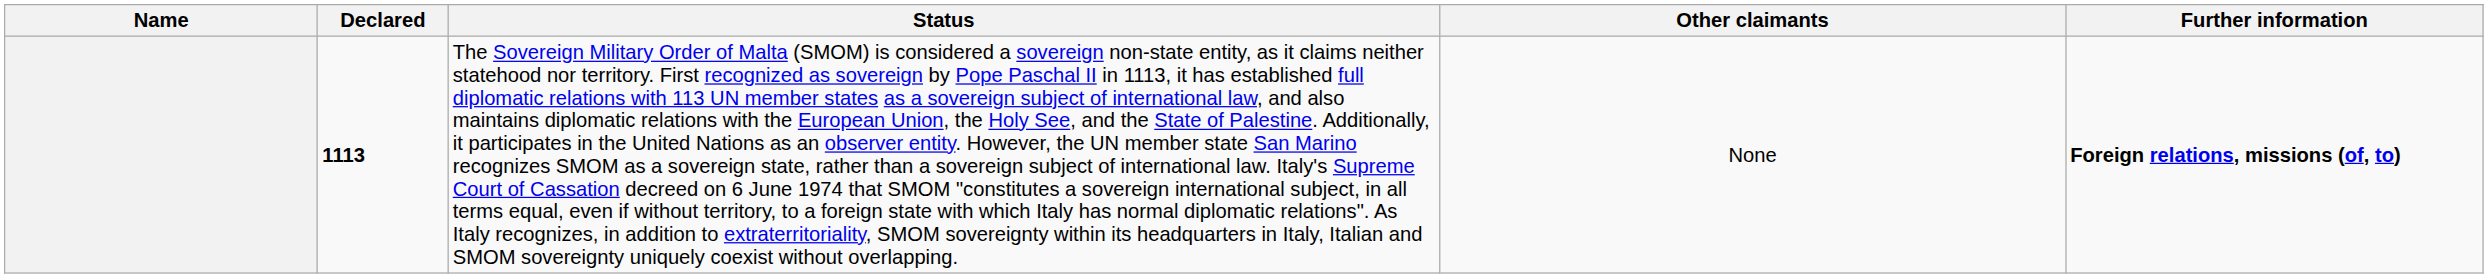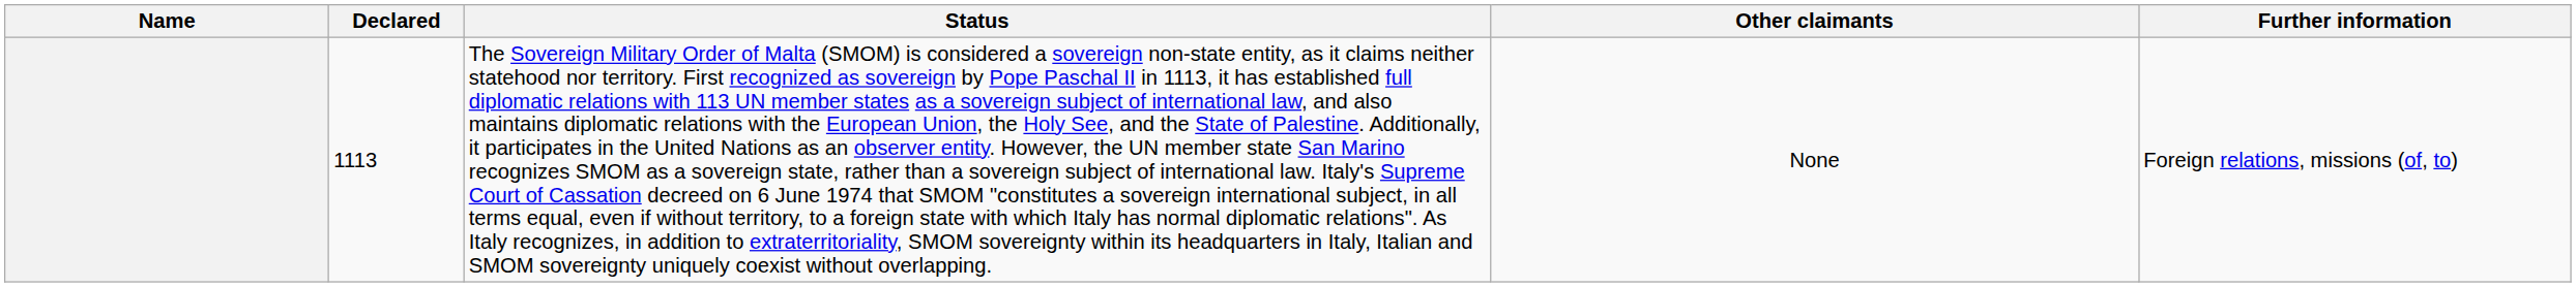 <table class="wikitable sortable">
 <tr>
 <th scope=col style="width:12%;">Name</th>
 <th scope=col style="width:5%;">Declared</th>
 <th scope=col style="width:38%;" class=unsortable>Status</th>
 <th scope=col style="width:24%;" class=unsortable>Other claimants</th>
 <th scope=col style="width:16%;" class=unsortable>Further information</th>
 </tr>
 <tr>
 <th scope=row></th>
-<td><strong>1113</strong></td>
+<td>1113</td>
 <td>The <a href='#'>Sovereign Military Order of Malta</a> (SMOM) is considered a <a href='#'>sovereign</a> non-state entity, as it claims neither statehood nor territory. First <a href='#'>recognized as sovereign</a> by <a href='#'>Pope Paschal II</a> in 1113, it has established <a href='#'>full diplomatic relations with 113 UN member states</a> <a href='#'>as a sovereign subject of international law</a>, and also maintains diplomatic relations with the <a href='#'>European Union</a>, the <a href='#'>Holy See</a>, and the <a href='#'>State of Palestine</a>. Additionally, it participates in the United Nations as an <a href='#'>observer entity</a>. However, the UN member state <a href='#'>San Marino</a> recognizes SMOM as a sovereign state, rather than a sovereign subject of international law. Italy's <a href='#'>Supreme Court of Cassation</a> decreed on 6 June 1974 that SMOM "constitutes a sovereign international subject, in all terms equal, even if without territory, to a foreign state with which Italy has normal diplomatic relations". As Italy recognizes, in addition to <a href='#'>extraterritoriality</a>, SMOM sovereignty within its headquarters in Italy, Italian and SMOM sovereignty uniquely coexist without overlapping.</td>
 <td style="text-align:center;">None</td>
-<td><strong>Foreign <a href='#'>relations</a>, missions (<a href='#'>of</a>, <a href='#'>to</a>)</strong></td>
+<td>Foreign <a href='#'>relations</a>, missions (<a href='#'>of</a>, <a href='#'>to</a>)</td>
 </tr>
 </table>
